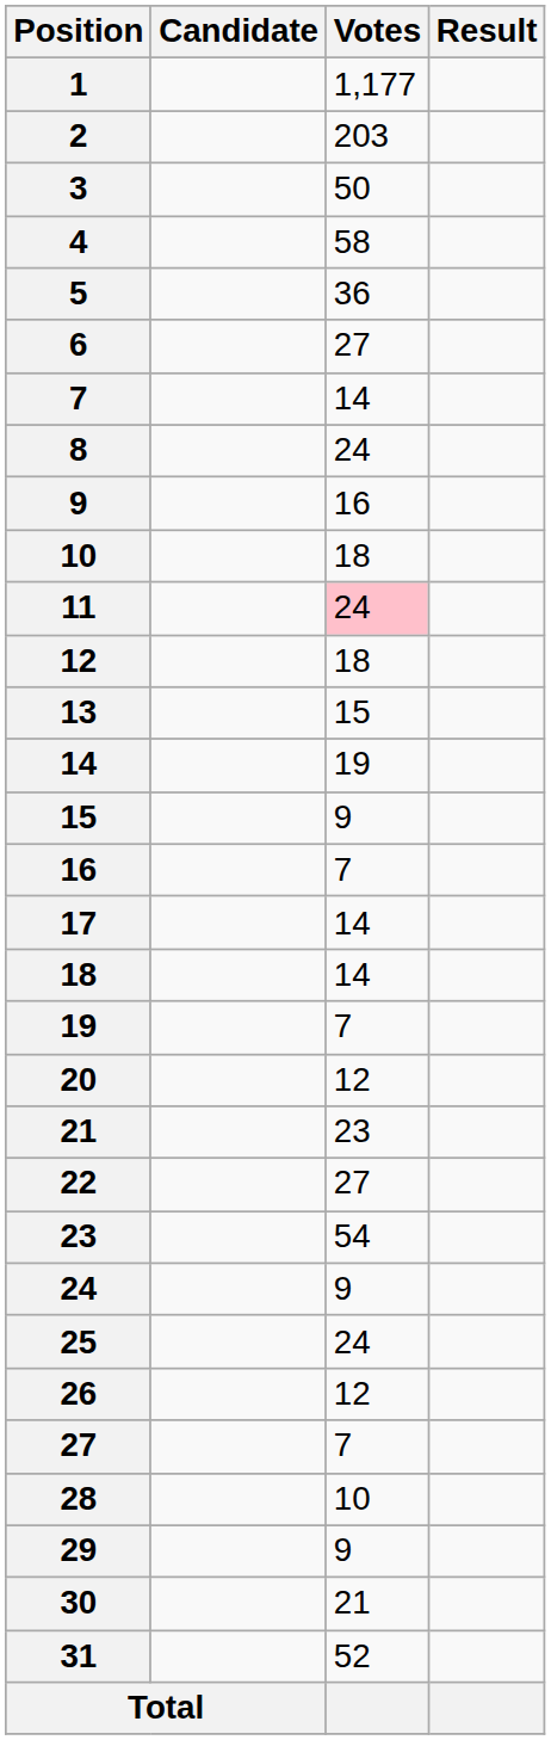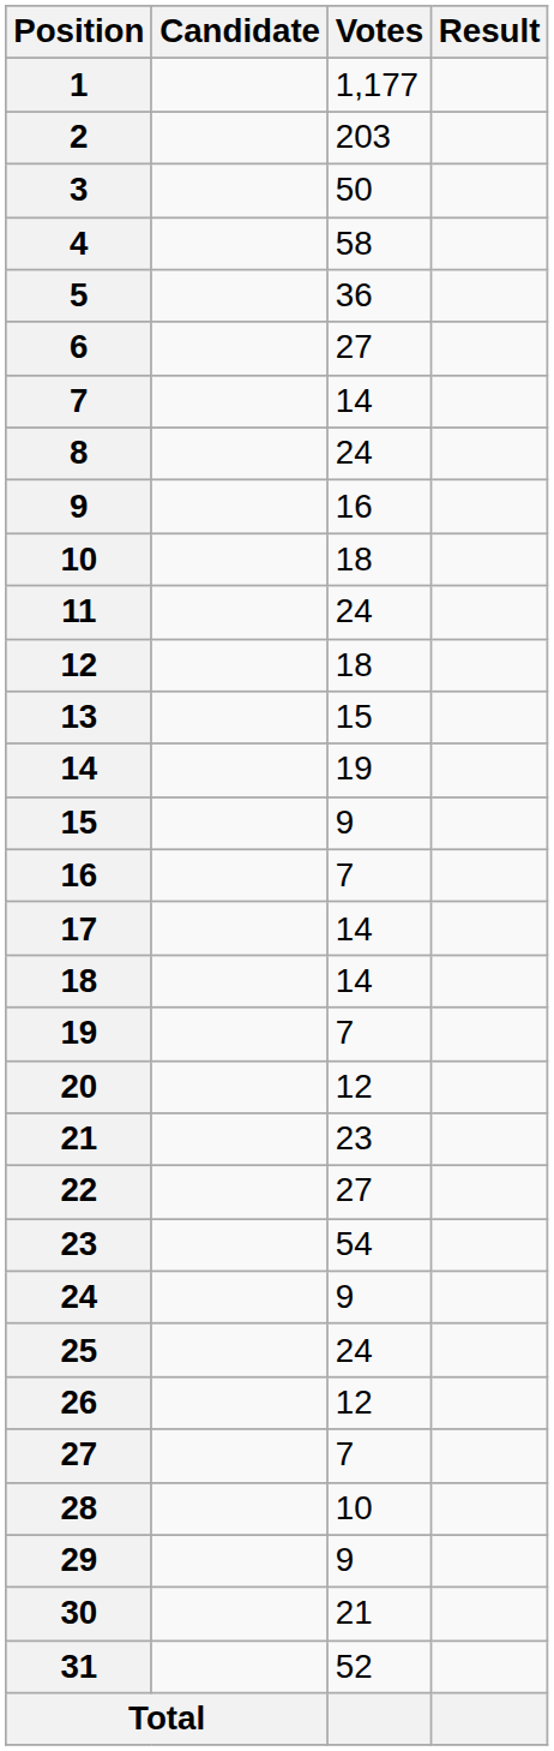 <table class="wikitable sortable col3right">
 <tr>
 <th scope="col">Position</th>
 <th scope="col">Candidate</th>
 <th scope="col">Votes</th>
 <th scope="col">Result</th>
 </tr>
 <tr>
 <th scope="row">1</th>
 <td></td>
 <td>1,177</td>
 <td></td>
 </tr>
 <tr>
 <th scope="row">2</th>
 <td></td>
 <td>203</td>
 <td></td>
 </tr>
 <tr>
 <th scope="row">3</th>
 <td></td>
 <td>50</td>
 <td></td>
 </tr>
 <tr>
 <th scope="row">4</th>
 <td></td>
 <td>58</td>
 <td></td>
 </tr>
 <tr>
 <th scope="row">5</th>
 <td></td>
 <td>36</td>
 <td></td>
 </tr>
 <tr>
 <th scope="row">6</th>
 <td></td>
 <td>27</td>
 <td></td>
 </tr>
 <tr>
 <th scope="row">7</th>
 <td></td>
 <td>14</td>
 <td></td>
 </tr>
 <tr>
 <th scope="row">8</th>
 <td></td>
 <td>24</td>
 <td></td>
 </tr>
 <tr>
 <th scope="row">9</th>
 <td></td>
 <td>16</td>
 <td></td>
 </tr>
 <tr>
 <th scope="row">10</th>
 <td></td>
 <td>18</td>
 <td></td>
 </tr>
 <tr>
 <th scope="row">11</th>
 <td></td>
-<td style="background: pink;">24</td>
+<td>24</td>
 <td></td>
 </tr>
 <tr>
 <th scope="row">12</th>
 <td></td>
 <td>18</td>
 <td></td>
 </tr>
 <tr>
 <th scope="row">13</th>
 <td></td>
 <td>15</td>
 <td></td>
 </tr>
 <tr>
 <th scope="row">14</th>
 <td></td>
 <td>19</td>
 <td></td>
 </tr>
 <tr>
 <th scope="row">15</th>
 <td></td>
 <td>9</td>
 <td></td>
 </tr>
 <tr>
 <th scope="row">16</th>
 <td></td>
 <td>7</td>
 <td></td>
 </tr>
 <tr>
 <th scope="row">17</th>
 <td></td>
 <td>14</td>
 <td></td>
 </tr>
 <tr>
 <th scope="row">18</th>
 <td></td>
 <td>14</td>
 <td></td>
 </tr>
 <tr>
 <th scope="row">19</th>
 <td></td>
 <td>7</td>
 <td></td>
 </tr>
 <tr>
 <th scope="row">20</th>
 <td></td>
 <td>12</td>
 <td></td>
 </tr>
 <tr>
 <th scope="row">21</th>
 <td></td>
 <td>23</td>
 <td></td>
 </tr>
 <tr>
 <th scope="row">22</th>
 <td></td>
 <td>27</td>
 <td></td>
 </tr>
 <tr>
 <th scope="row">23</th>
 <td></td>
 <td>54</td>
 <td></td>
 </tr>
 <tr>
 <th scope="row">24</th>
 <td></td>
 <td>9</td>
 <td></td>
 </tr>
 <tr>
 <th scope="row">25</th>
 <td></td>
 <td>24</td>
 <td></td>
 </tr>
 <tr>
 <th scope="row">26</th>
 <td></td>
 <td>12</td>
 <td></td>
 </tr>
 <tr>
 <th scope="row">27</th>
 <td></td>
 <td>7</td>
 <td></td>
 </tr>
 <tr>
 <th scope="row">28</th>
 <td></td>
 <td>10</td>
 <td></td>
 </tr>
 <tr>
 <th scope="row">29</th>
 <td></td>
 <td>9</td>
 <td></td>
 </tr>
 <tr>
 <th scope="row">30</th>
 <td></td>
 <td>21</td>
 <td></td>
 </tr>
 <tr>
 <th scope="row">31</th>
 <td></td>
 <td>52</td>
 <td></td>
 </tr>
 <tr class="sortbottom">
 <th scope="row" colspan="2">Total</th>
 <th></th>
 <th></th>
 </tr>
 </table>
